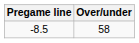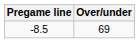 <table class="wikitable" style="margin-left: auto; margin-right: auto; border: none; display: inline-table;">
 <tr align="center">
 <th style=>Pregame line</th>
 <th style=>Over/under</th>
 </tr>
 <tr align="center">
 <td>-8.5</td>
-<td>58</td>
+<td>69</td>
 </tr>
 </table>
